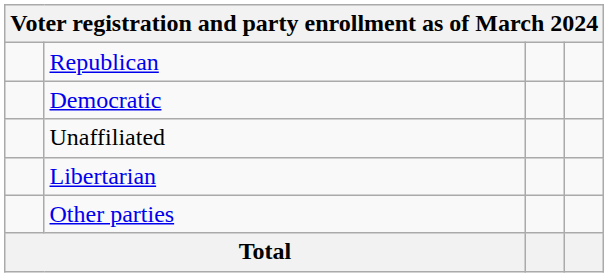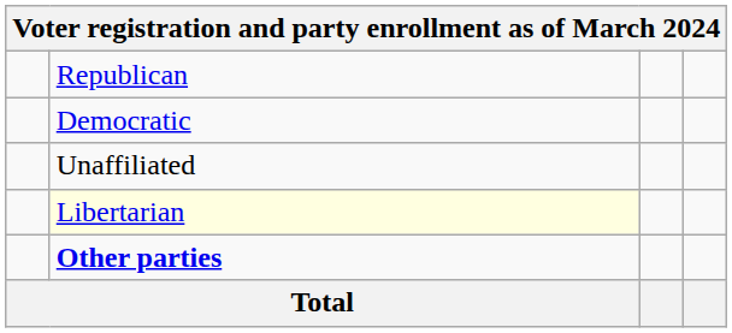 <table class=wikitable>
 <tr>
 <th colspan = 6>Voter registration and party enrollment as of March 2024</th>
 </tr>
 <tr>
 <td></td>
 <td><a href='#'>Republican</a></td>
 <td align = center></td>
 <td align = center></td>
 </tr>
 <tr>
 <td></td>
 <td><a href='#'>Democratic</a></td>
 <td align = center></td>
 <td align = center></td>
 </tr>
 <tr>
 <td></td>
 <td>Unaffiliated</td>
 <td align = center></td>
 <td align = center></td>
 </tr>
 <tr>
 <td></td>
-<td><a href='#'>Libertarian</a></td>
+<td style="background: lightyellow;"><a href='#'>Libertarian</a></td>
 <td align = center></td>
 <td align = center></td>
 </tr>
 <tr>
 <td></td>
-<td><a href='#'>Other parties</a></td>
+<td><strong><a href='#'>Other parties</a></strong></td>
 <td align = center></td>
 <td align = center></td>
 </tr>
 <tr>
 <th colspan = 2>Total</th>
 <th align = center></th>
 <th align = center></th>
 </tr>
 </table>
